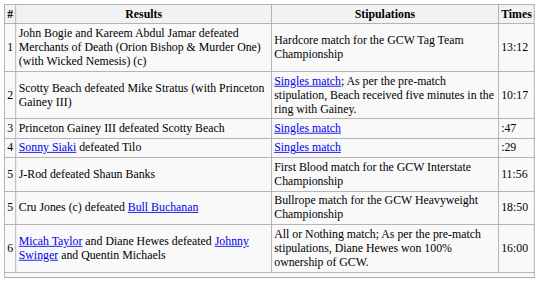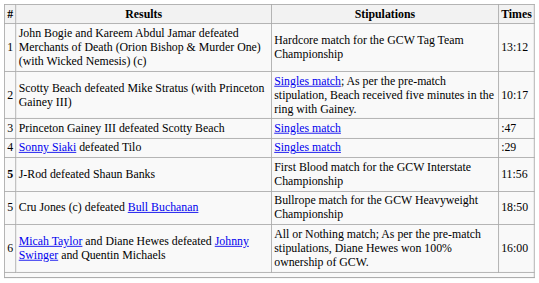 <table style="font-size: 85%" class="wikitable sortable">
 <tr>
 <th><strong>#</strong></th>
 <th><strong>Results</strong></th>
 <th><strong>Stipulations</strong></th>
 <th><strong>Times</strong> </th>
 </tr>
 <tr>
 <td>1</td>
 <td>John Bogie and Kareem Abdul Jamar defeated Merchants of Death (Orion Bishop & Murder One) (with Wicked Nemesis) (c)</td>
 <td>Hardcore match for the GCW Tag Team Championship</td>
 <td>13:12</td>
 </tr>
 <tr>
 <td>2</td>
 <td>Scotty Beach defeated Mike Stratus (with Princeton Gainey III)</td>
 <td><a href='#'>Singles match</a>; As per the pre-match stipulation, Beach received five minutes in the ring with Gainey.</td>
 <td>10:17</td>
 </tr>
 <tr>
 <td>3</td>
 <td>Princeton Gainey III defeated Scotty Beach</td>
 <td><a href='#'>Singles match</a></td>
 <td>:47</td>
 </tr>
 <tr>
 <td>4</td>
 <td><a href='#'>Sonny Siaki</a> defeated Tilo</td>
 <td><a href='#'>Singles match</a></td>
 <td>:29</td>
 </tr>
 <tr>
-<td>5</td>
+<td><strong>5</strong></td>
 <td>J-Rod defeated Shaun Banks</td>
 <td>First Blood match for the GCW Interstate Championship</td>
 <td>11:56</td>
 </tr>
 <tr>
 <td>5</td>
 <td>Cru Jones (c) defeated <a href='#'>Bull Buchanan</a></td>
 <td>Bullrope match for the GCW Heavyweight Championship</td>
 <td>18:50</td>
 </tr>
 <tr>
 <td>6</td>
 <td><a href='#'>Micah Taylor</a> and Diane Hewes defeated <a href='#'>Johnny Swinger</a> and Quentin Michaels</td>
 <td>All or Nothing match; As per the pre-match stipulations, Diane Hewes won 100% ownership of GCW.</td>
 <td>16:00</td>
 </tr>
 <tr>
 <td colspan="4"></td>
 </tr>
 <tr>
 </tr>
 </table>
